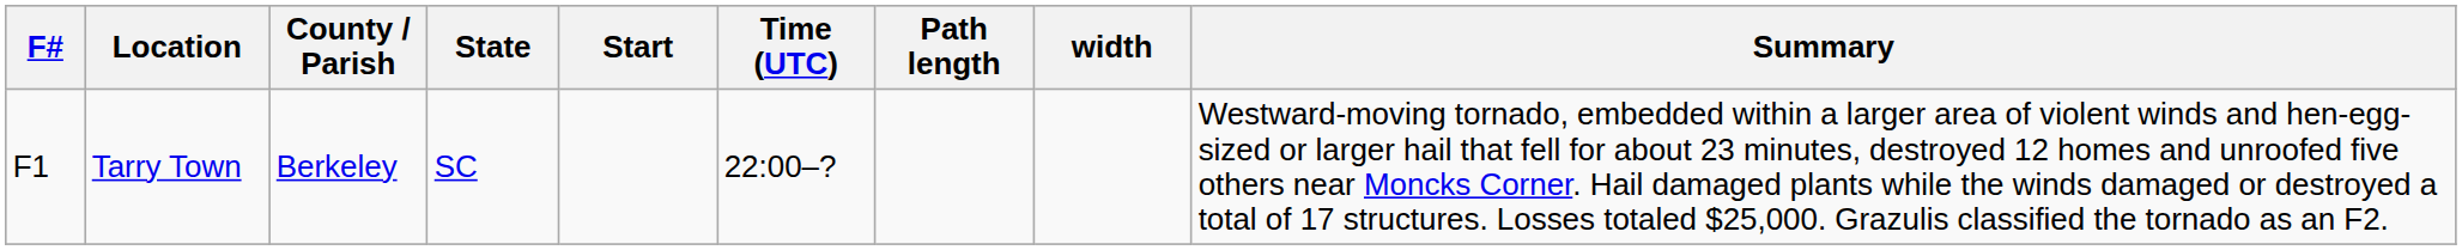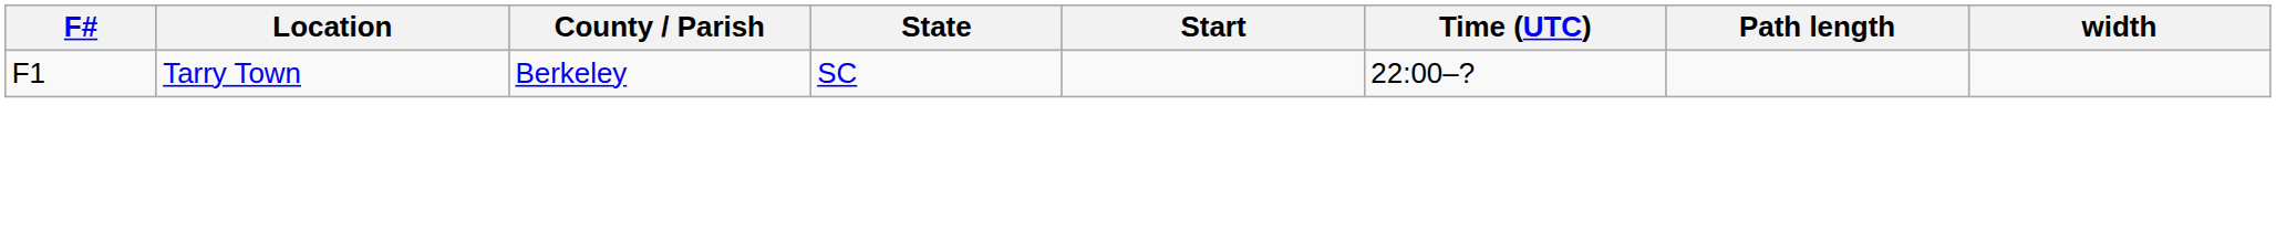 <table class="wikitable sortable" style="width:100%;">
 <tr>
 <th scope="col"  style="width:3%; text-align:center;"><a href='#'>F#</a></th>
 <th scope="col"  style="width:7%; text-align:center;" class="unsortable">Location</th>
 <th scope="col"  style="width:6%; text-align:center;" class="unsortable">County / Parish</th>
 <th scope="col"  style="width:5%; text-align:center;">State</th>
 <th scope="col"  style="width:6%; text-align:center;">Start<br></th>
 <th scope="col"  style="width:6%; text-align:center;">Time (<a href='#'>UTC</a>)</th>
 <th scope="col"  style="width:6%; text-align:center;">Path length</th>
 <th scope="col"  style="width:6%; text-align:center;"> width</th>
-<th scope="col" class="unsortable" style="width:48%; text-align:center;">Summary</th>
 </tr>
 <tr>
 <td>F1</td>
 <td><a href='#'>Tarry Town</a></td>
 <td><a href='#'>Berkeley</a></td>
 <td><a href='#'>SC</a></td>
 <td></td>
 <td>22:00–?</td>
 <td></td>
 <td></td>
-<td>Westward-moving tornado, embedded within a larger area of violent winds and hen-egg-sized or larger hail that fell for about 23 minutes, destroyed 12 homes and unroofed five others near <a href='#'>Moncks Corner</a>. Hail damaged plants while the winds damaged or destroyed a total of 17 structures. Losses totaled $25,000. Grazulis classified the tornado as an F2.</td>
 </tr>
 </table>
